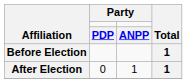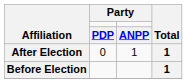 <table class=wikitable style="text-align:center">
 <tr style="vertical-align:bottom;">
 <th rowspan=3>Affiliation</th>
 <th colspan=2>Party</th>
 <th rowspan=3>Total</th>
 </tr>
 <tr>
 <td style="background-color:"></td>
 <td style="background-color:"></td>
 </tr>
 <tr>
 <th><a href='#'>PDP</a></th>
 <th><a href='#'>ANPP</a></th>
 </tr>
 <tr>
+<th>After Election</th>
+<td>0</td>
+<td>1</td>
+<th>1</th>
+</tr>
+<tr>
 <th>Before Election</th>
 <td></td>
 <td></td>
 <th>1</th>
 </tr>
 <tr>
-<th>After Election</th>
-<td>0</td>
-<td>1</td>
-<th>1</th>
-</tr>
-<tr>
 </tr>
 </table>
